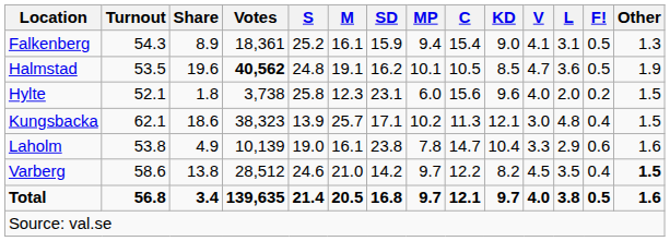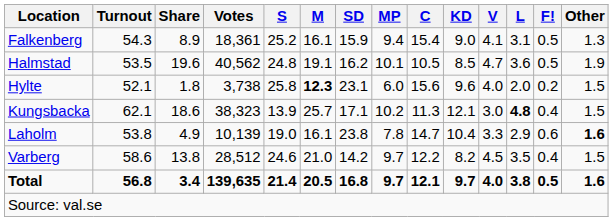 <table class="wikitable sortable" style=text-align:right>
 <tr>
 <th>Location</th>
 <th>Turnout</th>
 <th>Share</th>
 <th>Votes</th>
 <th><a href='#'>S</a></th>
 <th><a href='#'>M</a></th>
 <th><a href='#'>SD</a></th>
 <th><a href='#'>MP</a></th>
 <th><a href='#'>C</a></th>
 <th><a href='#'>KD</a></th>
 <th><a href='#'>V</a></th>
 <th><a href='#'>L</a></th>
 <th><a href='#'>F!</a></th>
 <th>Other</th>
 </tr>
 <tr>
 <td align=left><a href='#'>Falkenberg</a></td>
 <td>54.3</td>
 <td>8.9</td>
 <td>18,361</td>
 <td>25.2</td>
 <td>16.1</td>
 <td>15.9</td>
 <td>9.4</td>
 <td>15.4</td>
 <td>9.0</td>
 <td>4.1</td>
 <td>3.1</td>
 <td>0.5</td>
 <td>1.3</td>
 </tr>
 <tr>
 <td align=left><a href='#'>Halmstad</a></td>
 <td>53.5</td>
 <td>19.6</td>
-<td><strong>40,562</strong></td>
+<td>40,562</td>
 <td>24.8</td>
 <td>19.1</td>
 <td>16.2</td>
 <td>10.1</td>
 <td>10.5</td>
 <td>8.5</td>
 <td>4.7</td>
 <td>3.6</td>
 <td>0.5</td>
 <td>1.9</td>
 </tr>
 <tr>
 <td align=left><a href='#'>Hylte</a></td>
 <td>52.1</td>
 <td>1.8</td>
 <td>3,738</td>
 <td>25.8</td>
-<td>12.3</td>
+<td><strong>12.3</strong></td>
 <td>23.1</td>
 <td>6.0</td>
 <td>15.6</td>
 <td>9.6</td>
 <td>4.0</td>
 <td>2.0</td>
 <td>0.2</td>
 <td>1.5</td>
 </tr>
 <tr>
 <td align=left><a href='#'>Kungsbacka</a></td>
 <td>62.1</td>
 <td>18.6</td>
 <td>38,323</td>
 <td>13.9</td>
 <td>25.7</td>
 <td>17.1</td>
 <td>10.2</td>
 <td>11.3</td>
 <td>12.1</td>
 <td>3.0</td>
-<td>4.8</td>
+<td><strong>4.8</strong></td>
 <td>0.4</td>
 <td>1.5</td>
 </tr>
 <tr>
 <td align=left><a href='#'>Laholm</a></td>
 <td>53.8</td>
 <td>4.9</td>
 <td>10,139</td>
 <td>19.0</td>
 <td>16.1</td>
 <td>23.8</td>
 <td>7.8</td>
 <td>14.7</td>
 <td>10.4</td>
 <td>3.3</td>
 <td>2.9</td>
 <td>0.6</td>
-<td>1.6</td>
+<td><strong>1.6</strong></td>
 </tr>
 <tr>
 <td align=left><a href='#'>Varberg</a></td>
 <td>58.6</td>
 <td>13.8</td>
 <td>28,512</td>
 <td>24.6</td>
 <td>21.0</td>
 <td>14.2</td>
 <td>9.7</td>
 <td>12.2</td>
 <td>8.2</td>
 <td>4.5</td>
 <td>3.5</td>
 <td>0.4</td>
-<td><strong>1.5</strong></td>
+<td>1.5</td>
 </tr>
 <tr>
 <td align=left><strong>Total</strong></td>
 <td><strong>56.8</strong></td>
 <td><strong>3.4</strong></td>
 <td><strong>139,635</strong></td>
 <td><strong>21.4</strong></td>
 <td><strong>20.5</strong></td>
 <td><strong>16.8</strong></td>
 <td><strong>9.7</strong></td>
 <td><strong>12.1</strong></td>
 <td><strong>9.7</strong></td>
 <td><strong>4.0</strong></td>
 <td><strong>3.8</strong></td>
 <td><strong>0.5</strong></td>
 <td><strong>1.6</strong></td>
 </tr>
 <tr>
 <td align=left colspan=14>Source: val.se </td>
 </tr>
 </table>
